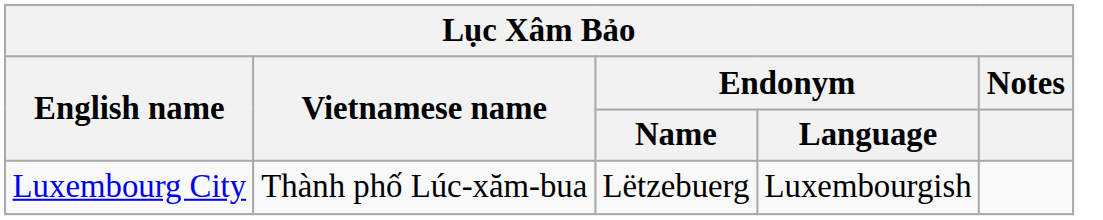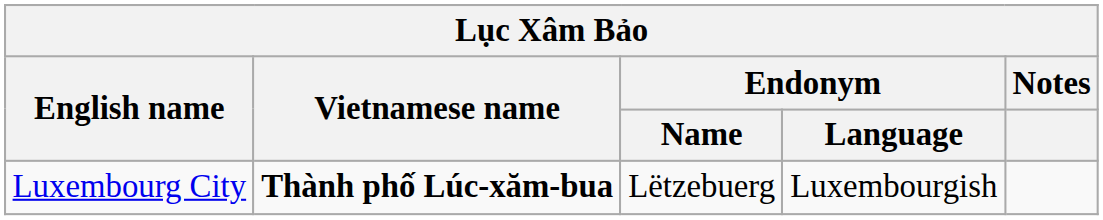 <table class="wikitable sortable">
 <tr>
 <th colspan="5"> Lục Xâm Bảo</th>
 </tr>
 <tr>
 <th rowspan="2">English name</th>
 <th rowspan="2">Vietnamese name</th>
 <th colspan="2">Endonym</th>
 <th>Notes</th>
 </tr>
 <tr>
 <th>Name</th>
 <th>Language</th>
 <th></th>
 </tr>
 <tr>
 <td><a href='#'>Luxembourg City</a></td>
-<td>Thành phố Lúc-xăm-bua</td>
+<td><strong>Thành phố Lúc-xăm-bua</strong></td>
 <td>Lëtzebuerg</td>
 <td>Luxembourgish</td>
 <td></td>
 </tr>
 </table>
